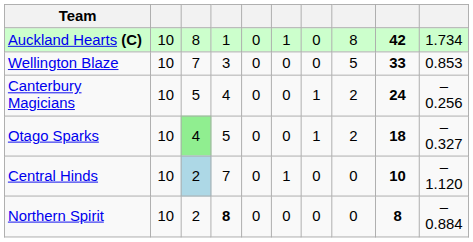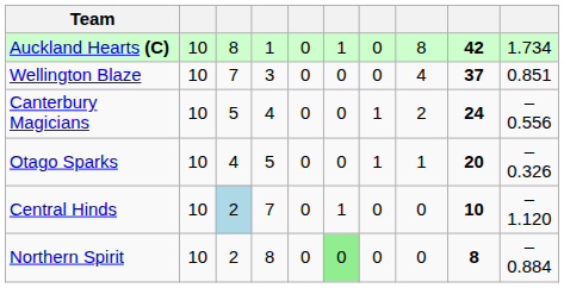 <table class="wikitable" style="text-align:center">
 <tr>
 <th width="150">Team</th>
 <th width="25"></th>
 <th width="25"></th>
 <th width="25"></th>
 <th width="25"></th>
 <th width="25"></th>
 <th width="25"></th>
 <th width="40"></th>
 <th width="40"></th>
 <th width="45"></th>
 </tr>
 <tr style="background:#cfc">
 <td style="text-align:left"><a href='#'>Auckland Hearts</a> <strong>(C)</strong></td>
 <td>10</td>
 <td>8</td>
 <td>1</td>
 <td>0</td>
 <td>1</td>
 <td>0</td>
 <td>8</td>
 <td><strong>42</strong></td>
 <td>1.734</td>
 </tr>
 <tr>
 <td style="text-align:left"><a href='#'>Wellington Blaze</a></td>
 <td>10</td>
 <td>7</td>
 <td>3</td>
 <td>0</td>
 <td>0</td>
 <td>0</td>
-<td>5</td>
-<td><strong>33</strong></td>
-<td>0.853</td>
+<td>4</td>
+<td><strong>37</strong></td>
+<td>0.851</td>
 </tr>
 <tr>
 <td style="text-align:left"><a href='#'>Canterbury Magicians</a></td>
 <td>10</td>
 <td>5</td>
 <td>4</td>
 <td>0</td>
 <td>0</td>
 <td>1</td>
 <td>2</td>
 <td><strong>24</strong></td>
-<td>–0.256</td>
+<td>–0.556</td>
 </tr>
 <tr>
 <td style="text-align:left"><a href='#'>Otago Sparks</a></td>
 <td>10</td>
-<td style="background: lightgreen;">4</td>
+<td>4</td>
 <td>5</td>
 <td>0</td>
 <td>0</td>
 <td>1</td>
-<td>2</td>
-<td><strong>18</strong></td>
-<td>–0.327</td>
+<td>1</td>
+<td><strong>20</strong></td>
+<td>–0.326</td>
 </tr>
 <tr>
 <td style="text-align:left"><a href='#'>Central Hinds</a></td>
 <td>10</td>
 <td style="background: lightblue;">2</td>
 <td>7</td>
 <td>0</td>
 <td>1</td>
 <td>0</td>
 <td>0</td>
 <td><strong>10</strong></td>
 <td>–1.120</td>
 </tr>
 <tr>
 <td style="text-align:left"><a href='#'>Northern Spirit</a></td>
 <td>10</td>
 <td>2</td>
-<td><strong>8</strong></td>
+<td>8</td>
 <td>0</td>
-<td>0</td>
+<td style="background: lightgreen;">0</td>
 <td>0</td>
 <td>0</td>
 <td><strong>8</strong></td>
 <td>–0.884</td>
 </tr>
 </table>
